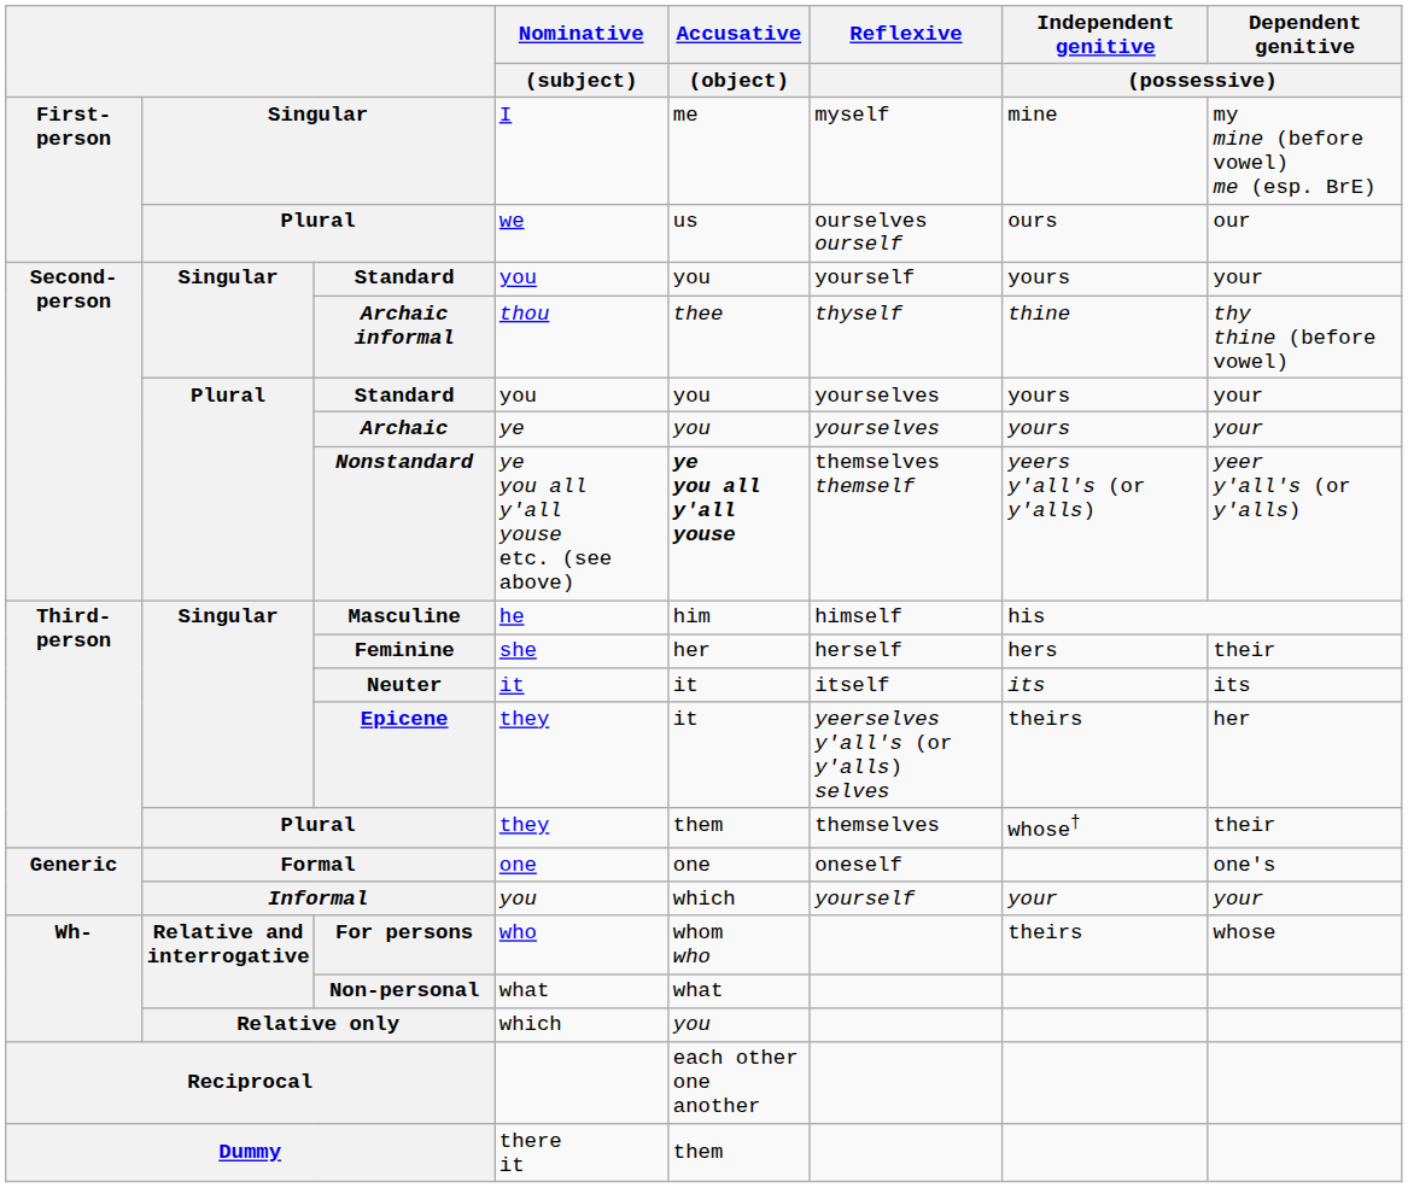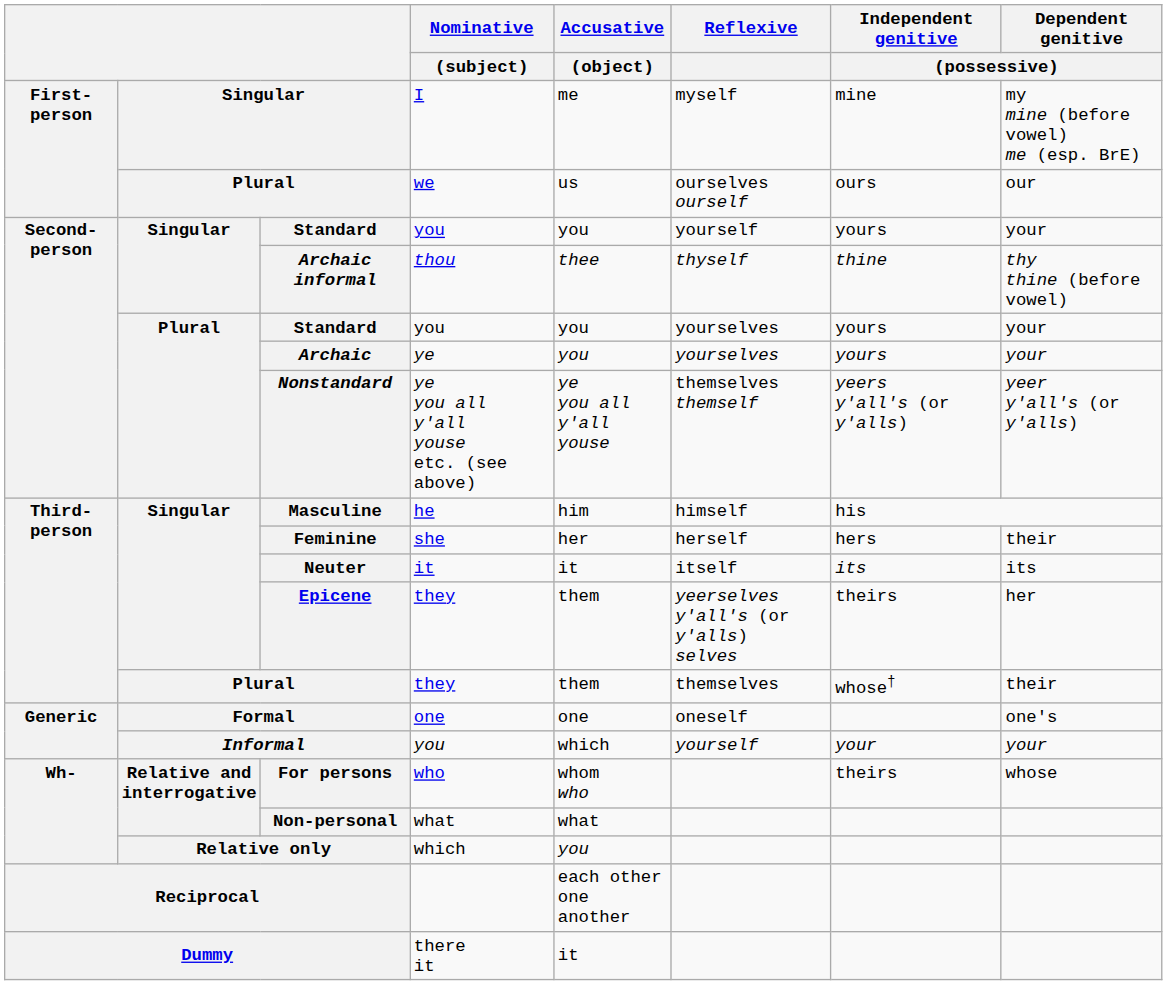 <table class="wikitable">
 <tr>
 <th colspan="3" rowspan="2"></th>
 <th><a href='#'>Nominative</a></th>
 <th><a href='#'>Accusative</a></th>
 <th><a href='#'>Reflexive</a></th>
 <th>Independent <a href='#'>genitive</a></th>
 <th>Dependent genitive</th>
 </tr>
 <tr>
 <th>(subject)</th>
 <th>(object)</th>
 <th></th>
 <th colspan="2">(possessive)</th>
 </tr>
 <tr valign="top">
 <th rowspan="2">First-person</th>
 <th colspan="2">Singular</th>
 <td><a href='#'>I</a></td>
 <td>me</td>
 <td>myself</td>
 <td>mine</td>
 <td>my<br><em>mine</em> (before vowel)<br><em>me</em> (esp. BrE)</td>
 </tr>
 <tr valign="top">
 <th colspan="2">Plural</th>
 <td><a href='#'>we</a></td>
 <td>us</td>
 <td>ourselves<br><em>ourself</em></td>
 <td>ours</td>
 <td>our</td>
 </tr>
 <tr valign="top">
 <th rowspan="5">Second-person</th>
 <th rowspan="2">Singular</th>
 <th>Standard</th>
 <td><a href='#'>you</a></td>
 <td>you</td>
 <td>yourself</td>
 <td>yours</td>
 <td>your</td>
 </tr>
 <tr valign="top">
 <th><em>Archaic informal</em></th>
 <td><em><a href='#'>thou</a></em></td>
 <td><em>thee</em></td>
 <td><em>thyself</em></td>
 <td><em>thine</em></td>
 <td><em>thy<br>thine</em> (before vowel)</td>
 </tr>
 <tr valign="top">
 <th rowspan="3">Plural</th>
 <th>Standard</th>
 <td>you</td>
 <td>you</td>
 <td>yourselves</td>
 <td>yours</td>
 <td>your</td>
 </tr>
 <tr valign="top">
 <th><em>Archaic</em></th>
 <td><em>ye</em></td>
 <td><em>you</em></td>
 <td><em>yourselves</em></td>
 <td><em>yours</em></td>
 <td><em>your</em></td>
 </tr>
 <tr valign="top">
 <th><em>Nonstandard</em></th>
 <td><em>ye<br>you all<br>y'all<br>youse</em><br>etc. (see above)</td>
-<td><strong><em>ye<br>you all<br>y'all<br>youse</em></strong></td>
+<td><em>ye<br>you all<br>y'all<br>youse</em></td>
 <td>themselves<br><em>themself</em></td>
 <td><em>yeers<br>y'all's</em> (or <em>y'alls</em>)</td>
 <td><em>yeer<br>y'all's</em> (or <em>y'alls</em>)</td>
 </tr>
 <tr valign="top">
 <th rowspan="5">Third-person</th>
 <th rowspan="4">Singular</th>
 <th>Masculine</th>
 <td><a href='#'>he</a></td>
 <td>him</td>
 <td>himself</td>
 <td colspan="2">his</td>
 </tr>
 <tr valign="top">
 <th>Feminine</th>
 <td><a href='#'>she</a></td>
 <td>her</td>
 <td>herself</td>
 <td>hers</td>
 <td>their</td>
 </tr>
 <tr valign="top">
 <th>Neuter</th>
 <td><a href='#'>it</a></td>
 <td>it</td>
 <td>itself</td>
 <td><em>its</em></td>
 <td>its</td>
 </tr>
 <tr valign="top">
 <th><a href='#'>Epicene</a></th>
 <td><a href='#'>they</a></td>
-<td>it</td>
+<td>them</td>
 <td><em>yeerselves<br>y'all's</em> (or <em>y'alls</em>)<br><em>selves</em></td>
 <td>theirs</td>
 <td>her</td>
 </tr>
 <tr valign="top">
 <th colspan="2">Plural</th>
 <td><a href='#'>they</a></td>
 <td>them</td>
 <td>themselves</td>
 <td>whose<sup>†</sup></td>
 <td>their</td>
 </tr>
 <tr valign="top">
 <th rowspan="2">Generic</th>
 <th colspan="2">Formal</th>
 <td><a href='#'>one</a></td>
 <td>one</td>
 <td>oneself</td>
 <td></td>
 <td>one's</td>
 </tr>
 <tr valign="top">
 <th colspan="2"><em>Informal</em></th>
 <td><em>you</em></td>
 <td>which</td>
 <td><em>yourself</em></td>
 <td><em>your</em></td>
 <td><em>your</em></td>
 </tr>
 <tr valign="top">
 <th rowspan="3">Wh-</th>
 <th rowspan="2">Relative and<br>interrogative</th>
 <th>For persons</th>
 <td><a href='#'>who</a></td>
 <td>whom<br><em>who</em></td>
 <td></td>
 <td>theirs</td>
 <td>whose</td>
 </tr>
 <tr>
 <th>Non-personal</th>
 <td>what</td>
 <td>what</td>
 <td></td>
 <td></td>
 <td></td>
 </tr>
 <tr>
 <th colspan="2">Relative only</th>
 <td>which</td>
 <td><em>you</em></td>
 <td></td>
 <td></td>
 <td></td>
 </tr>
 <tr>
 <th colspan="3">Reciprocal</th>
 <td></td>
 <td>each other<br>one another</td>
 <td></td>
 <td></td>
 <td></td>
 </tr>
 <tr>
 <th colspan="3"><a href='#'>Dummy</a></th>
 <td>there<br>it</td>
-<td>them</td>
+<td>it</td>
 <td></td>
 <td></td>
 <td></td>
 </tr>
 </table>
